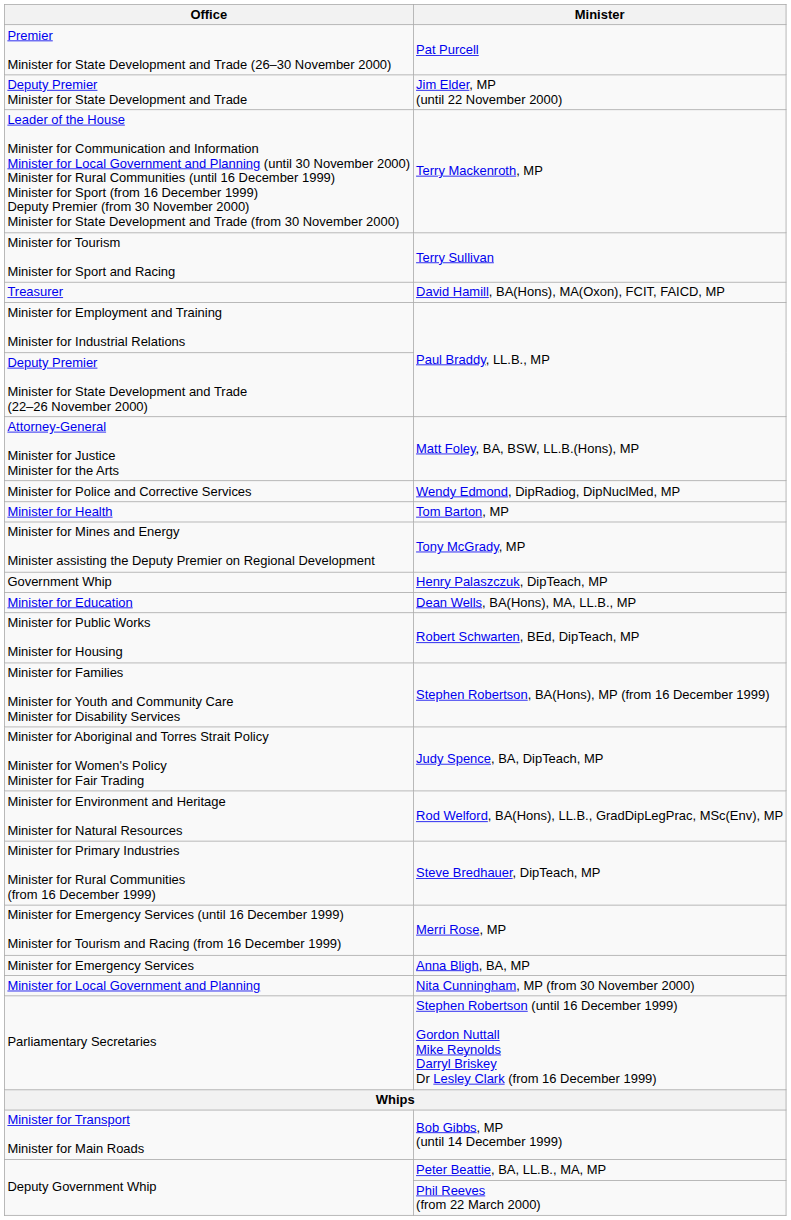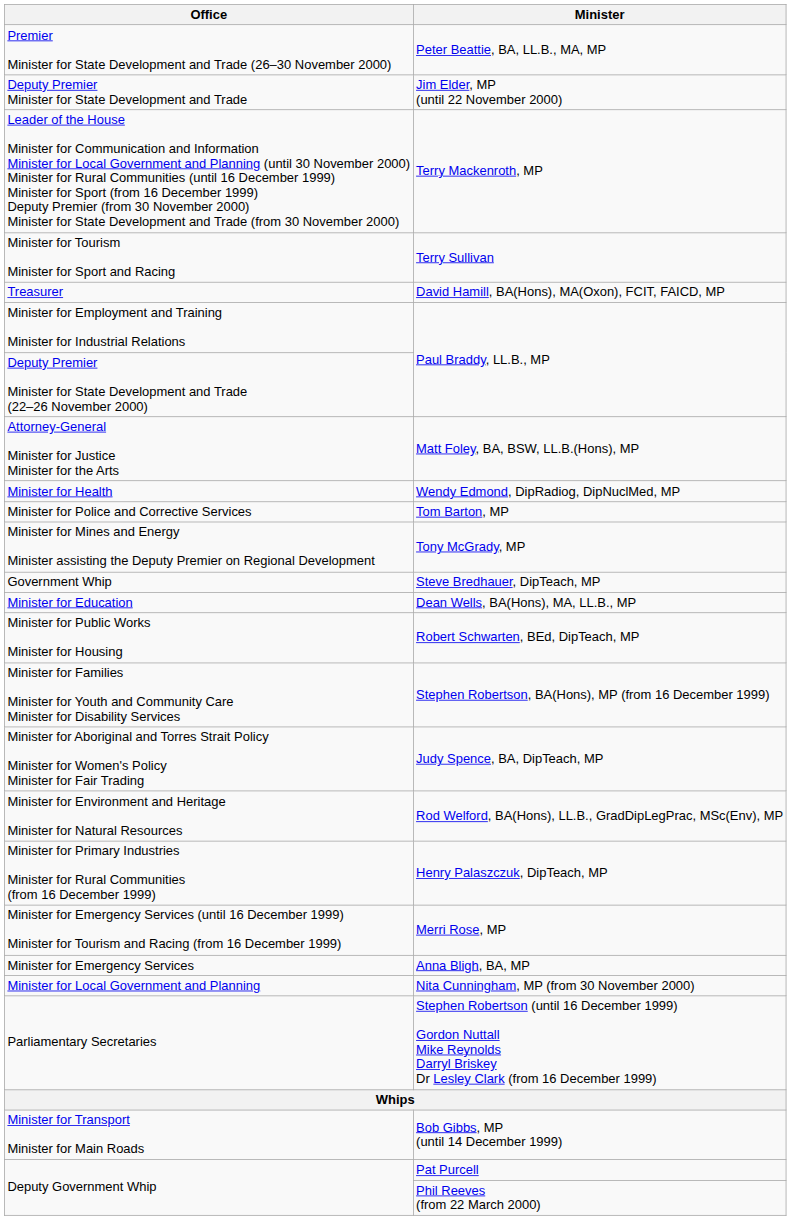 <table class="wikitable">
 <tr>
 <th>Office</th>
 <th>Minister</th>
 </tr>
 <tr>
 <td><a href='#'>Premier</a><br><br>Minister for State Development and Trade (26–30 November 2000)</td>
-<td><a href='#'>Pat Purcell</a></td>
+<td><a href='#'>Peter Beattie</a>, BA, LL.B., MA, MP</td>
 </tr>
 <tr>
 <td><a href='#'>Deputy Premier</a><br>Minister for State Development and Trade</td>
 <td><a href='#'>Jim Elder</a>, MP<br>(until 22 November 2000)</td>
 </tr>
 <tr>
 <td><a href='#'>Leader of the House</a><br><br>Minister for Communication and Information<br> <a href='#'>Minister for Local Government and Planning</a> (until 30 November 2000)<br> Minister for Rural Communities (until 16 December 1999)<br> Minister for Sport (from 16 December 1999)<br> Deputy Premier (from 30 November 2000)<br> Minister for State Development and Trade (from 30 November 2000)</td>
 <td><a href='#'>Terry Mackenroth</a>, MP</td>
 </tr>
 <tr>
 <td>Minister for Tourism<br><br>Minister for Sport and Racing<br></td>
 <td><a href='#'>Terry Sullivan</a></td>
 </tr>
 <tr>
 <td><a href='#'>Treasurer</a></td>
 <td><a href='#'>David Hamill</a>, BA(Hons), MA(Oxon), FCIT, FAICD, MP</td>
 </tr>
 <tr>
 <td>Minister for Employment and Training<br><br>Minister for Industrial Relations</td>
 <td rowspan=2><a href='#'>Paul Braddy</a>, LL.B., MP</td>
 </tr>
 <tr>
 <td><a href='#'>Deputy Premier</a><br><br>Minister for State Development and Trade<br> (22–26 November 2000)</td>
 </tr>
 <tr>
 <td><a href='#'>Attorney-General</a><br><br>Minister for Justice<br> Minister for the Arts</td>
 <td><a href='#'>Matt Foley</a>, BA, BSW, LL.B.(Hons), MP</td>
 </tr>
 <tr>
-<td>Minister for Police and Corrective Services<br></td>
+<td><a href='#'>Minister for Health</a></td>
 <td><a href='#'>Wendy Edmond</a>, DipRadiog, DipNuclMed, MP</td>
 </tr>
 <tr>
-<td><a href='#'>Minister for Health</a></td>
+<td>Minister for Police and Corrective Services<br></td>
 <td><a href='#'>Tom Barton</a>, MP</td>
 </tr>
 <tr>
 <td>Minister for Mines and Energy<br><br>Minister assisting the Deputy Premier on Regional Development</td>
 <td><a href='#'>Tony McGrady</a>, MP</td>
 </tr>
 <tr>
 <td>Government Whip</td>
-<td><a href='#'>Henry Palaszczuk</a>, DipTeach, MP</td>
+<td><a href='#'>Steve Bredhauer</a>, DipTeach, MP</td>
 </tr>
 <tr>
 <td><a href='#'>Minister for Education</a></td>
 <td><a href='#'>Dean Wells</a>, BA(Hons), MA, LL.B., MP</td>
 </tr>
 <tr>
 <td>Minister for Public Works<br><br>Minister for Housing</td>
 <td><a href='#'>Robert Schwarten</a>, BEd, DipTeach, MP</td>
 </tr>
 <tr>
 <td>Minister for Families<br><br>Minister for Youth and Community Care<br> Minister for Disability Services</td>
 <td><a href='#'>Stephen Robertson</a>, BA(Hons), MP (from 16 December 1999)</td>
 </tr>
 <tr>
 <td>Minister for Aboriginal and Torres Strait Policy<br><br>Minister for Women's Policy<br> Minister for Fair Trading</td>
 <td><a href='#'>Judy Spence</a>, BA, DipTeach, MP</td>
 </tr>
 <tr>
 <td>Minister for Environment and Heritage<br><br>Minister for Natural Resources</td>
 <td><a href='#'>Rod Welford</a>, BA(Hons), LL.B., GradDipLegPrac, MSc(Env), MP</td>
 </tr>
 <tr>
 <td>Minister for Primary Industries<br><br>Minister for Rural Communities<br>(from 16 December 1999)</td>
-<td><a href='#'>Steve Bredhauer</a>, DipTeach, MP</td>
+<td><a href='#'>Henry Palaszczuk</a>, DipTeach, MP</td>
 </tr>
 <tr>
 <td>Minister for Emergency Services (until 16 December 1999)<br><br>Minister for Tourism and Racing (from 16 December 1999)</td>
 <td><a href='#'>Merri Rose</a>, MP</td>
 </tr>
 <tr>
 <td>Minister for Emergency Services</td>
 <td><a href='#'>Anna Bligh</a>, BA, MP</td>
 </tr>
 <tr>
 <td><a href='#'>Minister for Local Government and Planning</a></td>
 <td><a href='#'>Nita Cunningham</a>, MP (from 30 November 2000)</td>
 </tr>
 <tr>
 <td>Parliamentary Secretaries</td>
 <td><a href='#'>Stephen Robertson</a> (until 16 December 1999)<br><br><a href='#'>Gordon Nuttall</a><br> <a href='#'>Mike Reynolds</a><br> <a href='#'>Darryl Briskey</a><br> Dr <a href='#'>Lesley Clark</a> (from 16 December 1999)</td>
 </tr>
 <tr>
 <th colspan=2>Whips</th>
 </tr>
 <tr>
 <td><a href='#'>Minister for Transport</a><br><br>Minister for Main Roads</td>
 <td><a href='#'>Bob Gibbs</a>, MP<br>(until 14 December 1999)</td>
 </tr>
 <tr>
 <td rowspan=2>Deputy Government Whip</td>
-<td><a href='#'>Peter Beattie</a>, BA, LL.B., MA, MP</td>
+<td><a href='#'>Pat Purcell</a></td>
 </tr>
 <tr>
 <td><a href='#'>Phil Reeves</a><br>(from 22 March 2000)</td>
 </tr>
 </table>
